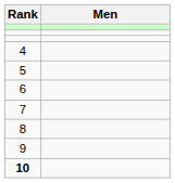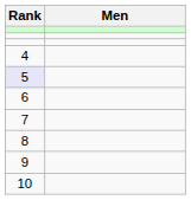 <table class="wikitable" style="text-align: center ">
 <tr>
 <th width=35>Rank</th>
 <th width=160>Men</th>
 </tr>
 <tr bgcolor=#ccffcc>
 <td></td>
 <td align="left"></td>
 </tr>
 <tr>
 <td></td>
 <td align="left"></td>
 </tr>
 <tr>
 <td></td>
 <td align="left"></td>
 </tr>
 <tr>
 <td>4</td>
 <td align="left"></td>
 </tr>
 <tr>
-<td>5</td>
+<td style="background: lavender;">5</td>
 <td align="left"></td>
 </tr>
 <tr>
 <td>6</td>
 <td align="left"></td>
 </tr>
 <tr>
 <td>7</td>
 <td align="left"></td>
 </tr>
 <tr>
 <td>8</td>
 <td align="left"></td>
 </tr>
 <tr>
 <td>9</td>
 <td align="left"></td>
 </tr>
 <tr>
-<td><strong>10</strong></td>
+<td>10</td>
 <td align="left"></td>
 </tr>
 </table>
